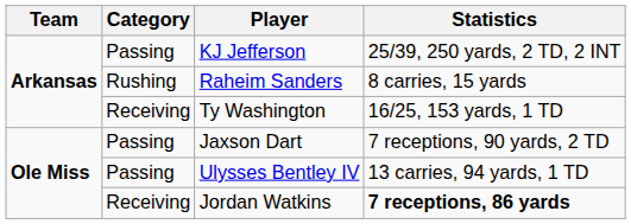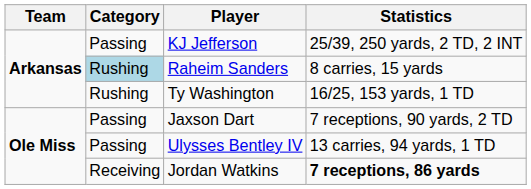 <table class="wikitable" style="float: right;">
 <tr>
 <th>Team</th>
 <th>Category</th>
 <th>Player</th>
 <th>Statistics</th>
 </tr>
 <tr>
 <td rowspan=3><strong>Arkansas</strong></td>
 <td>Passing</td>
 <td><a href='#'>KJ Jefferson</a></td>
 <td>25/39, 250 yards, 2 TD, 2 INT</td>
 </tr>
 <tr>
-<td>Rushing</td>
+<td style="background: lightblue;">Rushing</td>
 <td><a href='#'>Raheim Sanders</a></td>
 <td>8 carries, 15 yards</td>
 </tr>
 <tr>
-<td>Receiving</td>
+<td>Rushing</td>
 <td>Ty Washington</td>
 <td>16/25, 153 yards, 1 TD</td>
 </tr>
 <tr>
 <td rowspan=3><strong>Ole Miss</strong></td>
 <td>Passing</td>
 <td>Jaxson Dart</td>
 <td>7 receptions, 90 yards, 2 TD</td>
 </tr>
 <tr>
 <td>Passing</td>
 <td><a href='#'>Ulysses Bentley IV</a></td>
 <td>13 carries, 94 yards, 1 TD</td>
 </tr>
 <tr>
 <td>Receiving</td>
 <td>Jordan Watkins</td>
 <td><strong>7 receptions, 86 yards</strong></td>
 </tr>
 </table>
